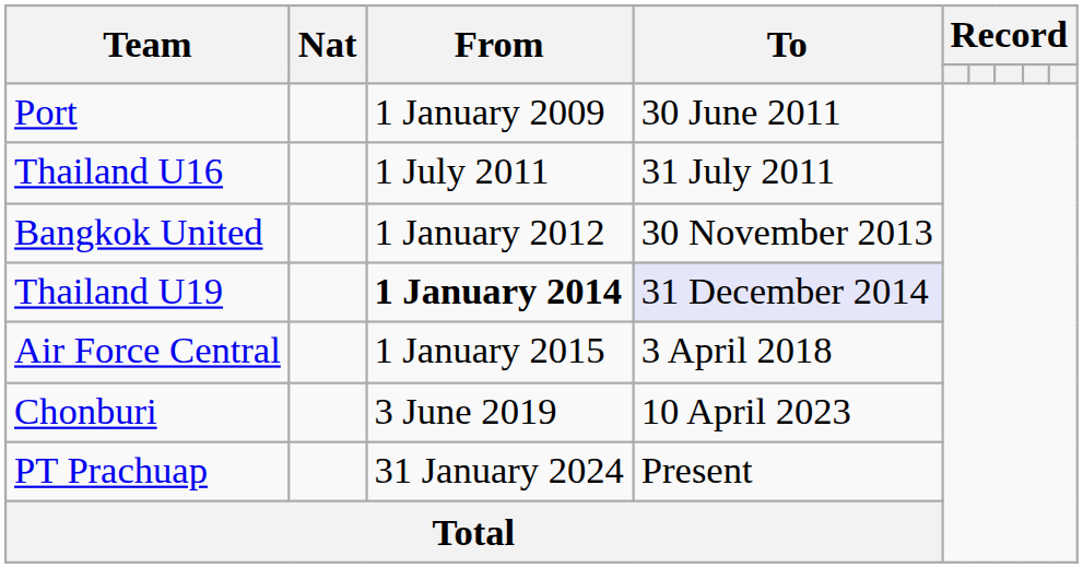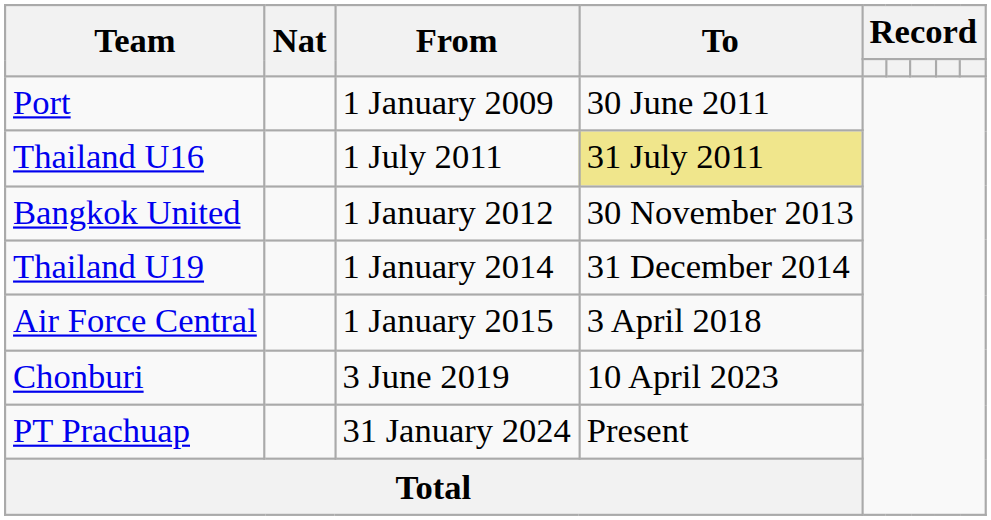 <table class="wikitable" style="text-align: center;">
 <tr>
 <th rowspan="2">Team</th>
 <th rowspan="2">Nat</th>
 <th rowspan="2">From</th>
 <th rowspan="2">To</th>
 <th colspan="5">Record</th>
 </tr>
 <tr>
 <th></th>
 <th></th>
 <th></th>
 <th></th>
 <th></th>
 </tr>
 <tr>
 <td align="left"><a href='#'>Port</a></td>
 <td></td>
 <td align="left">1 January 2009</td>
 <td align="left">30 June 2011<br></td>
 </tr>
 <tr>
 <td align="left"><a href='#'>Thailand U16</a></td>
 <td></td>
 <td align="left">1 July 2011</td>
-<td align="left">31 July 2011<br></td>
+<td align="left" style="background: khaki;">31 July 2011<br></td>
 </tr>
 <tr>
 <td align="left"><a href='#'> Bangkok United</a></td>
 <td></td>
 <td align="left">1 January 2012</td>
 <td align="left">30 November 2013<br></td>
 </tr>
 <tr>
 <td align="left"><a href='#'>Thailand U19</a></td>
 <td></td>
-<td align="left"><strong>1 January 2014</strong></td>
-<td align="left" style="background: lavender;">31 December 2014<br></td>
+<td align="left">1 January 2014</td>
+<td align="left">31 December 2014<br></td>
 </tr>
 <tr>
 <td align="left"><a href='#'>Air Force Central</a></td>
 <td></td>
 <td align="left">1 January 2015</td>
 <td align="left">3 April 2018<br></td>
 </tr>
 <tr>
 <td align="left"><a href='#'>Chonburi</a></td>
 <td></td>
 <td align="left">3 June 2019</td>
 <td align="left">10 April 2023<br></td>
 </tr>
 <tr>
 <td align="left"><a href='#'>PT Prachuap</a></td>
 <td></td>
 <td align="left">31 January 2024</td>
 <td align="left">Present<br></td>
 </tr>
 <tr>
 <th colspan="4">Total<br></th>
 </tr>
 </table>
